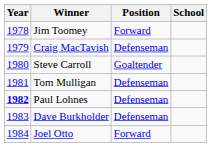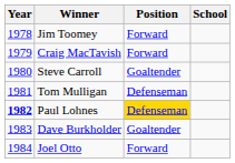 <table class="wikitable sortable">
 <tr>
 <th>Year</th>
 <th>Winner</th>
 <th>Position</th>
 <th>School</th>
 </tr>
 <tr>
 <td><a href='#'>1978</a></td>
 <td>Jim Toomey</td>
 <td><a href='#'>Forward</a></td>
 <td align=center><strong></strong></td>
 </tr>
 <tr>
 <td><a href='#'>1979</a></td>
 <td><a href='#'>Craig MacTavish</a></td>
-<td><a href='#'>Defenseman</a></td>
+<td><a href='#'>Forward</a></td>
 <td align=center><strong><a href='#'></a></strong></td>
 </tr>
 <tr>
 <td><a href='#'>1980</a></td>
 <td>Steve Carroll</td>
 <td><a href='#'>Goaltender</a></td>
 <td align=center><strong></strong></td>
 </tr>
 <tr>
 <td><a href='#'>1981</a></td>
 <td>Tom Mulligan</td>
 <td><a href='#'>Defenseman</a></td>
 <td align=center><strong><a href='#'></a></strong></td>
 </tr>
 <tr>
 <td><strong><a href='#'>1982</a></strong></td>
 <td>Paul Lohnes</td>
-<td><a href='#'>Defenseman</a></td>
+<td style="background: gold;"><a href='#'>Defenseman</a></td>
 <td align=center><strong><a href='#'></a></strong></td>
 </tr>
 <tr>
 <td><a href='#'>1983</a></td>
 <td><a href='#'>Dave Burkholder</a></td>
-<td><a href='#'>Defenseman</a></td>
+<td><a href='#'>Goaltender</a></td>
 <td align=center><strong><a href='#'></a></strong></td>
 </tr>
 <tr>
 <td><a href='#'>1984</a></td>
 <td><a href='#'>Joel Otto</a></td>
 <td><a href='#'>Forward</a></td>
 <td align=center><strong><a href='#'></a></strong></td>
 </tr>
 </table>
